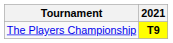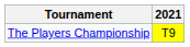 <table class="wikitable" style="font-size:95%;text-align:center;">
 <tr>
 <th>Tournament</th>
 <th>2021</th>
 </tr>
 <tr>
 <td align=left><a href='#'>The Players Championship</a></td>
-<td style="background:yellow;"><strong>T9</strong></td>
+<td style="background:yellow;">T9</td>
 </tr>
 </table>
